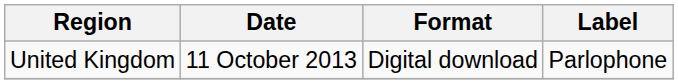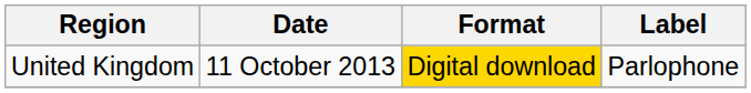 <table class=wikitable>
 <tr>
 <th>Region</th>
 <th>Date</th>
 <th>Format</th>
 <th>Label</th>
 </tr>
 <tr>
 <td>United Kingdom</td>
 <td>11 October 2013</td>
-<td>Digital download</td>
+<td style="background: gold;">Digital download</td>
 <td>Parlophone</td>
 </tr>
 <tr>
 </tr>
 </table>
